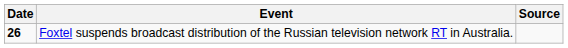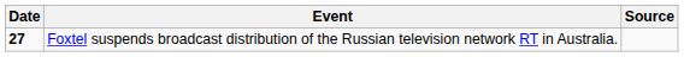 <table class="wikitable">
 <tr>
 <th>Date</th>
 <th>Event</th>
 <th>Source</th>
 </tr>
 <tr>
-<td><strong>26</strong></td>
+<td><strong>27</strong></td>
 <td><a href='#'>Foxtel</a> suspends broadcast distribution of the Russian television network <a href='#'>RT</a> in Australia.</td>
 <td></td>
 </tr>
 </table>
